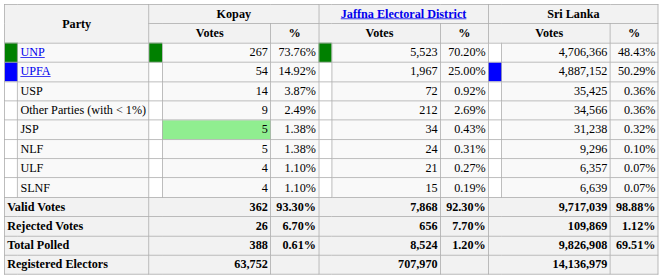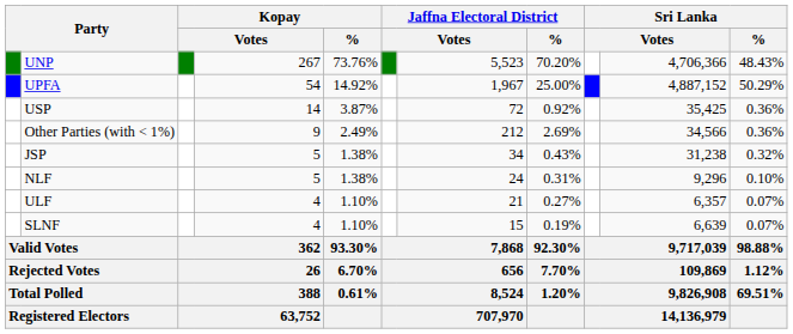 <table class="wikitable">
 <tr>
 <th colspan="2" width="144px"rowspan="2">Party</th>
 <th colspan="3" width="216px">Kopay</th>
 <th colspan="3" width="216px"><a href='#'>Jaffna Electoral District</a></th>
 <th colspan="3" width="216px">Sri Lanka</th>
 </tr>
 <tr>
 <th colspan="2" width="144px">Votes</th>
 <th>%</th>
 <th colspan="2" width="144px">Votes</th>
 <th>%</th>
 <th colspan="2" width="144px">Votes</th>
 <th>%</th>
 </tr>
 <tr>
 <td style="background-color:green;" width="10px"></td>
 <td style="text-align:left;"><a href='#'>UNP</a></td>
 <td style="background-color:green;" width="10px"></td>
 <td style="text-align:right;">267</td>
 <td style="text-align:right;">73.76%</td>
 <td style="background-color:green;" width="10px"></td>
 <td style="text-align:right;">5,523</td>
 <td style="text-align:right;">70.20%</td>
 <td style="background-color:white;" width="10px"></td>
 <td style="text-align:right;">4,706,366</td>
 <td style="text-align:right;">48.43%</td>
 </tr>
 <tr>
 <td style="background-color:blue;" width="10px"></td>
 <td style="text-align:left;"><a href='#'>UPFA</a></td>
 <td style="background-color:white;" width="10px"></td>
 <td style="text-align:right;">54</td>
 <td style="text-align:right;">14.92%</td>
 <td style="background-color:white;" width="10px"></td>
 <td style="text-align:right;">1,967</td>
 <td style="text-align:right;">25.00%</td>
 <td style="background-color:blue;" width="10px"></td>
 <td style="text-align:right;">4,887,152</td>
 <td style="text-align:right;">50.29%</td>
 </tr>
 <tr>
 <td style="background-color:white;" width="10px"></td>
 <td style="text-align:left;">USP</td>
 <td style="background-color:white;" width="10px"></td>
 <td style="text-align:right;">14</td>
 <td style="text-align:right;">3.87%</td>
 <td style="background-color:white;" width="10px"></td>
 <td style="text-align:right;">72</td>
 <td style="text-align:right;">0.92%</td>
 <td style="background-color:white;" width="10px"></td>
 <td style="text-align:right;">35,425</td>
 <td style="text-align:right;">0.36%</td>
 </tr>
 <tr>
 <td style="background-color:white;" width="10px"></td>
 <td style="text-align:left;">Other Parties (with < 1%)</td>
 <td style="background-color:white;" width="10px"></td>
 <td style="text-align:right;">9</td>
 <td style="text-align:right;">2.49%</td>
 <td style="background-color:white;" width="10px"></td>
 <td style="text-align:right;">212</td>
 <td style="text-align:right;">2.69%</td>
 <td style="background-color:white;" width="10px"></td>
 <td style="text-align:right;">34,566</td>
 <td style="text-align:right;">0.36%</td>
 </tr>
 <tr>
 <td style="background-color:white;" width="10px"></td>
 <td style="text-align:left;">JSP</td>
 <td style="background-color:white;" width="10px"></td>
-<td style="background: lightgreen; text-align:right;">5</td>
+<td style="text-align:right;">5</td>
 <td style="text-align:right;">1.38%</td>
 <td style="background-color:white;" width="10px"></td>
 <td style="text-align:right;">34</td>
 <td style="text-align:right;">0.43%</td>
 <td style="background-color:white;" width="10px"></td>
 <td style="text-align:right;">31,238</td>
 <td style="text-align:right;">0.32%</td>
 </tr>
 <tr>
 <td style="background-color:white;" width="10px"></td>
 <td style="text-align:left;">NLF</td>
 <td style="background-color:white;" width="10px"></td>
 <td style="text-align:right;">5</td>
 <td style="text-align:right;">1.38%</td>
 <td style="background-color:white;" width="10px"></td>
 <td style="text-align:right;">24</td>
 <td style="text-align:right;">0.31%</td>
 <td style="background-color:white;" width="10px"></td>
 <td style="text-align:right;">9,296</td>
 <td style="text-align:right;">0.10%</td>
 </tr>
 <tr>
 <td style="background-color:white;" width="10px"></td>
 <td style="text-align:left;">ULF</td>
 <td style="background-color:white;" width="10px"></td>
 <td style="text-align:right;">4</td>
 <td style="text-align:right;">1.10%</td>
 <td style="background-color:white;" width="10px"></td>
 <td style="text-align:right;">21</td>
 <td style="text-align:right;">0.27%</td>
 <td style="background-color:white;" width="10px"></td>
 <td style="text-align:right;">6,357</td>
 <td style="text-align:right;">0.07%</td>
 </tr>
 <tr>
 <td style="background-color:white;" width="10px"></td>
 <td style="text-align:left;">SLNF</td>
 <td style="background-color:white;" width="10px"></td>
 <td style="text-align:right;">4</td>
 <td style="text-align:right;">1.10%</td>
 <td style="background-color:white;" width="10px"></td>
 <td style="text-align:right;">15</td>
 <td style="text-align:right;">0.19%</td>
 <td style="background-color:white;" width="10px"></td>
 <td style="text-align:right;">6,639</td>
 <td style="text-align:right;">0.07%</td>
 </tr>
 <tr>
 <th colspan="2" width="144px"style="text-align:left;">Valid Votes</th>
 <th style="text-align:right;"colspan="2" width="144px">362</th>
 <th style="text-align:right;">93.30%</th>
 <th style="text-align:right;"colspan="2" width="144px">7,868</th>
 <th style="text-align:right;">92.30%</th>
 <th style="text-align:right;"colspan="2" width="144px">9,717,039</th>
 <th style="text-align:right;">98.88%</th>
 </tr>
 <tr>
 <th colspan="2" width="144px"style="text-align:left;">Rejected Votes</th>
 <th style="text-align:right;"colspan="2" width="144px">26</th>
 <th style="text-align:right;">6.70%</th>
 <th style="text-align:right;"colspan="2" width="144px">656</th>
 <th style="text-align:right;">7.70%</th>
 <th style="text-align:right;"colspan="2" width="144px">109,869</th>
 <th style="text-align:right;">1.12%</th>
 </tr>
 <tr>
 <th colspan="2" width="144px"style="text-align:left;">Total Polled</th>
 <th style="text-align:right;"colspan="2" width="144px">388</th>
 <th style="text-align:right;">0.61%</th>
 <th style="text-align:right;"colspan="2" width="144px">8,524</th>
 <th style="text-align:right;">1.20%</th>
 <th style="text-align:right;"colspan="2" width="144px">9,826,908</th>
 <th style="text-align:right;">69.51%</th>
 </tr>
 <tr>
 <th colspan="2" width="144px"style="text-align:left;">Registered Electors</th>
 <th style="text-align:right;"colspan="2" width="144px">63,752</th>
 <th></th>
 <th style="text-align:right;"colspan="2" width="144px">707,970</th>
 <th></th>
 <th style="text-align:right;"colspan="2" width="144px">14,136,979</th>
 <th></th>
 </tr>
 </table>
